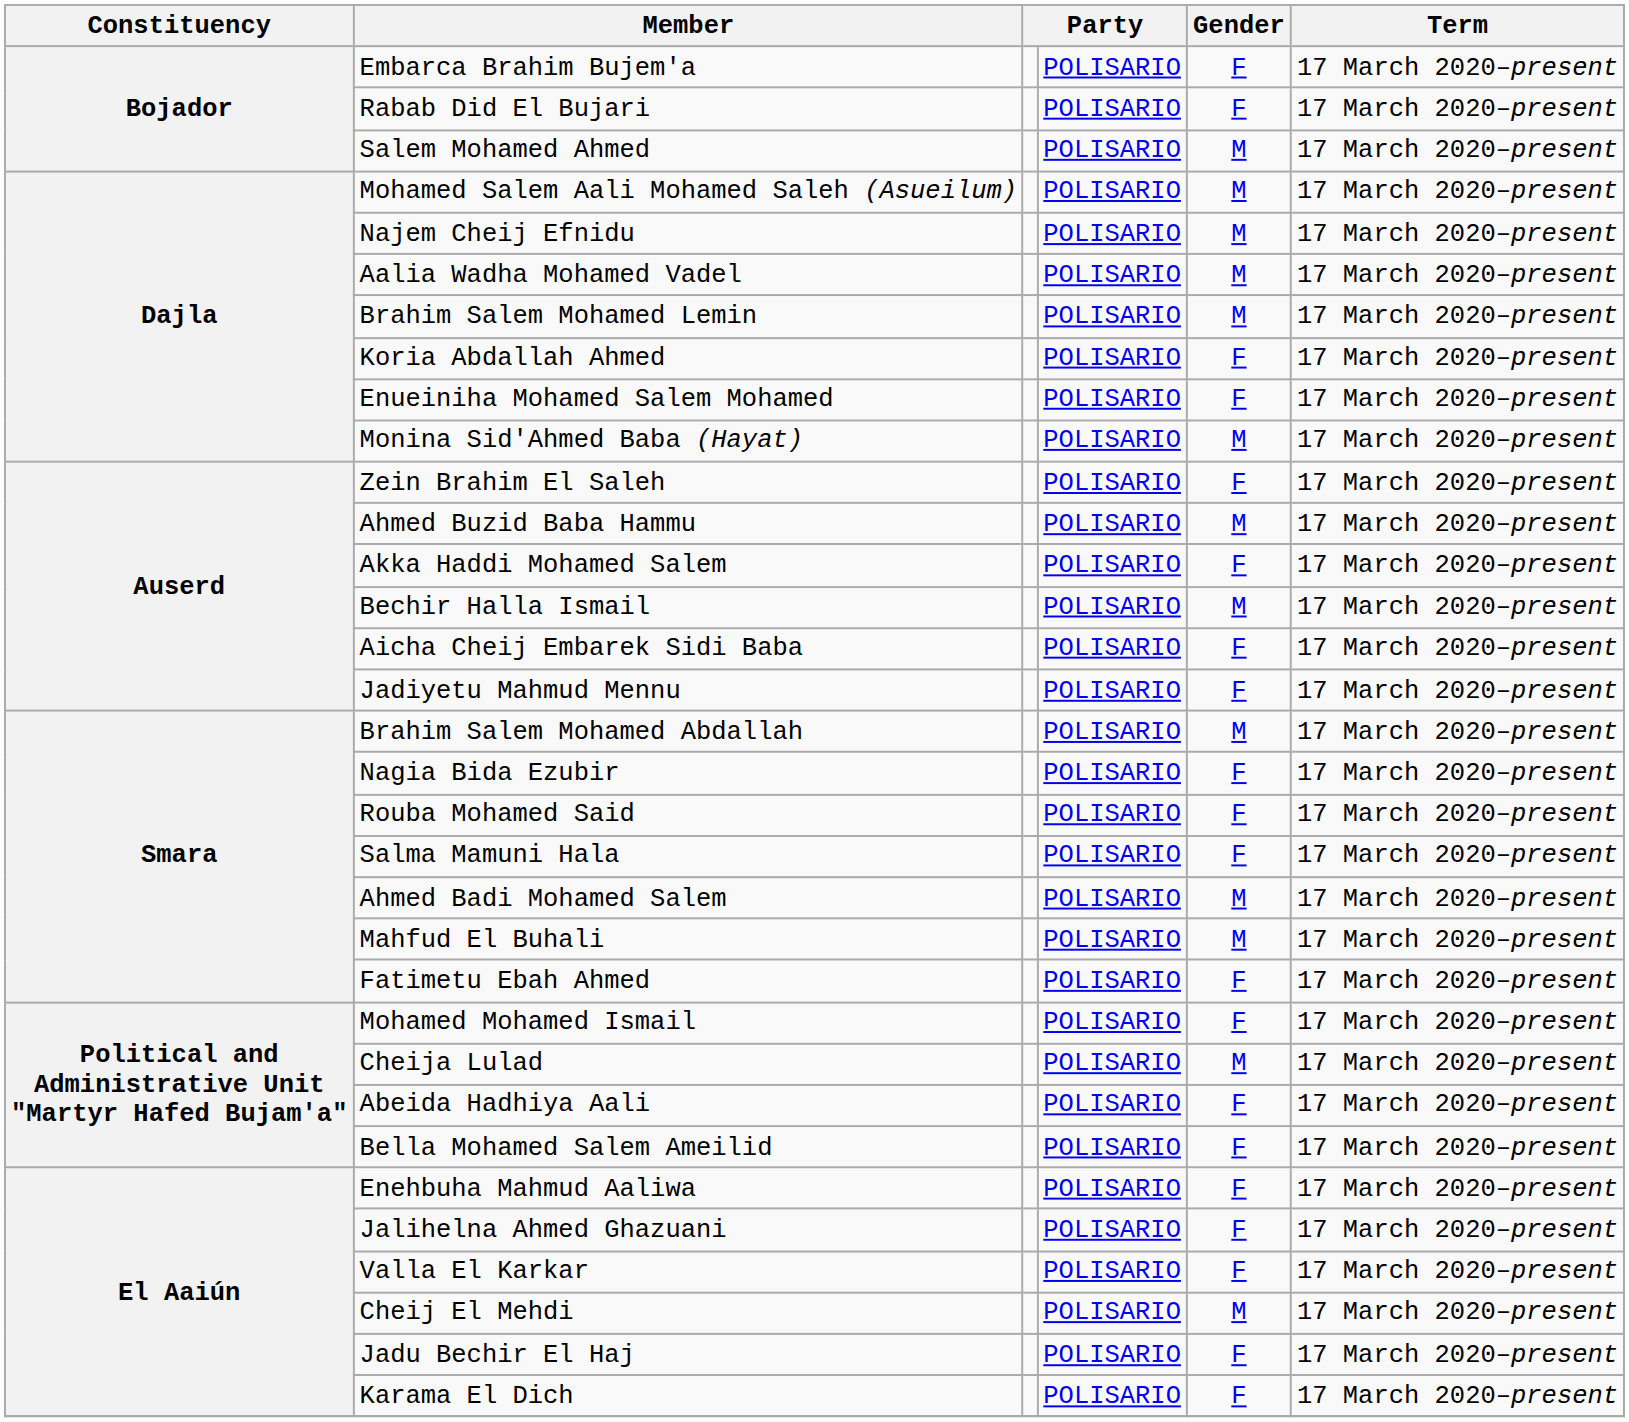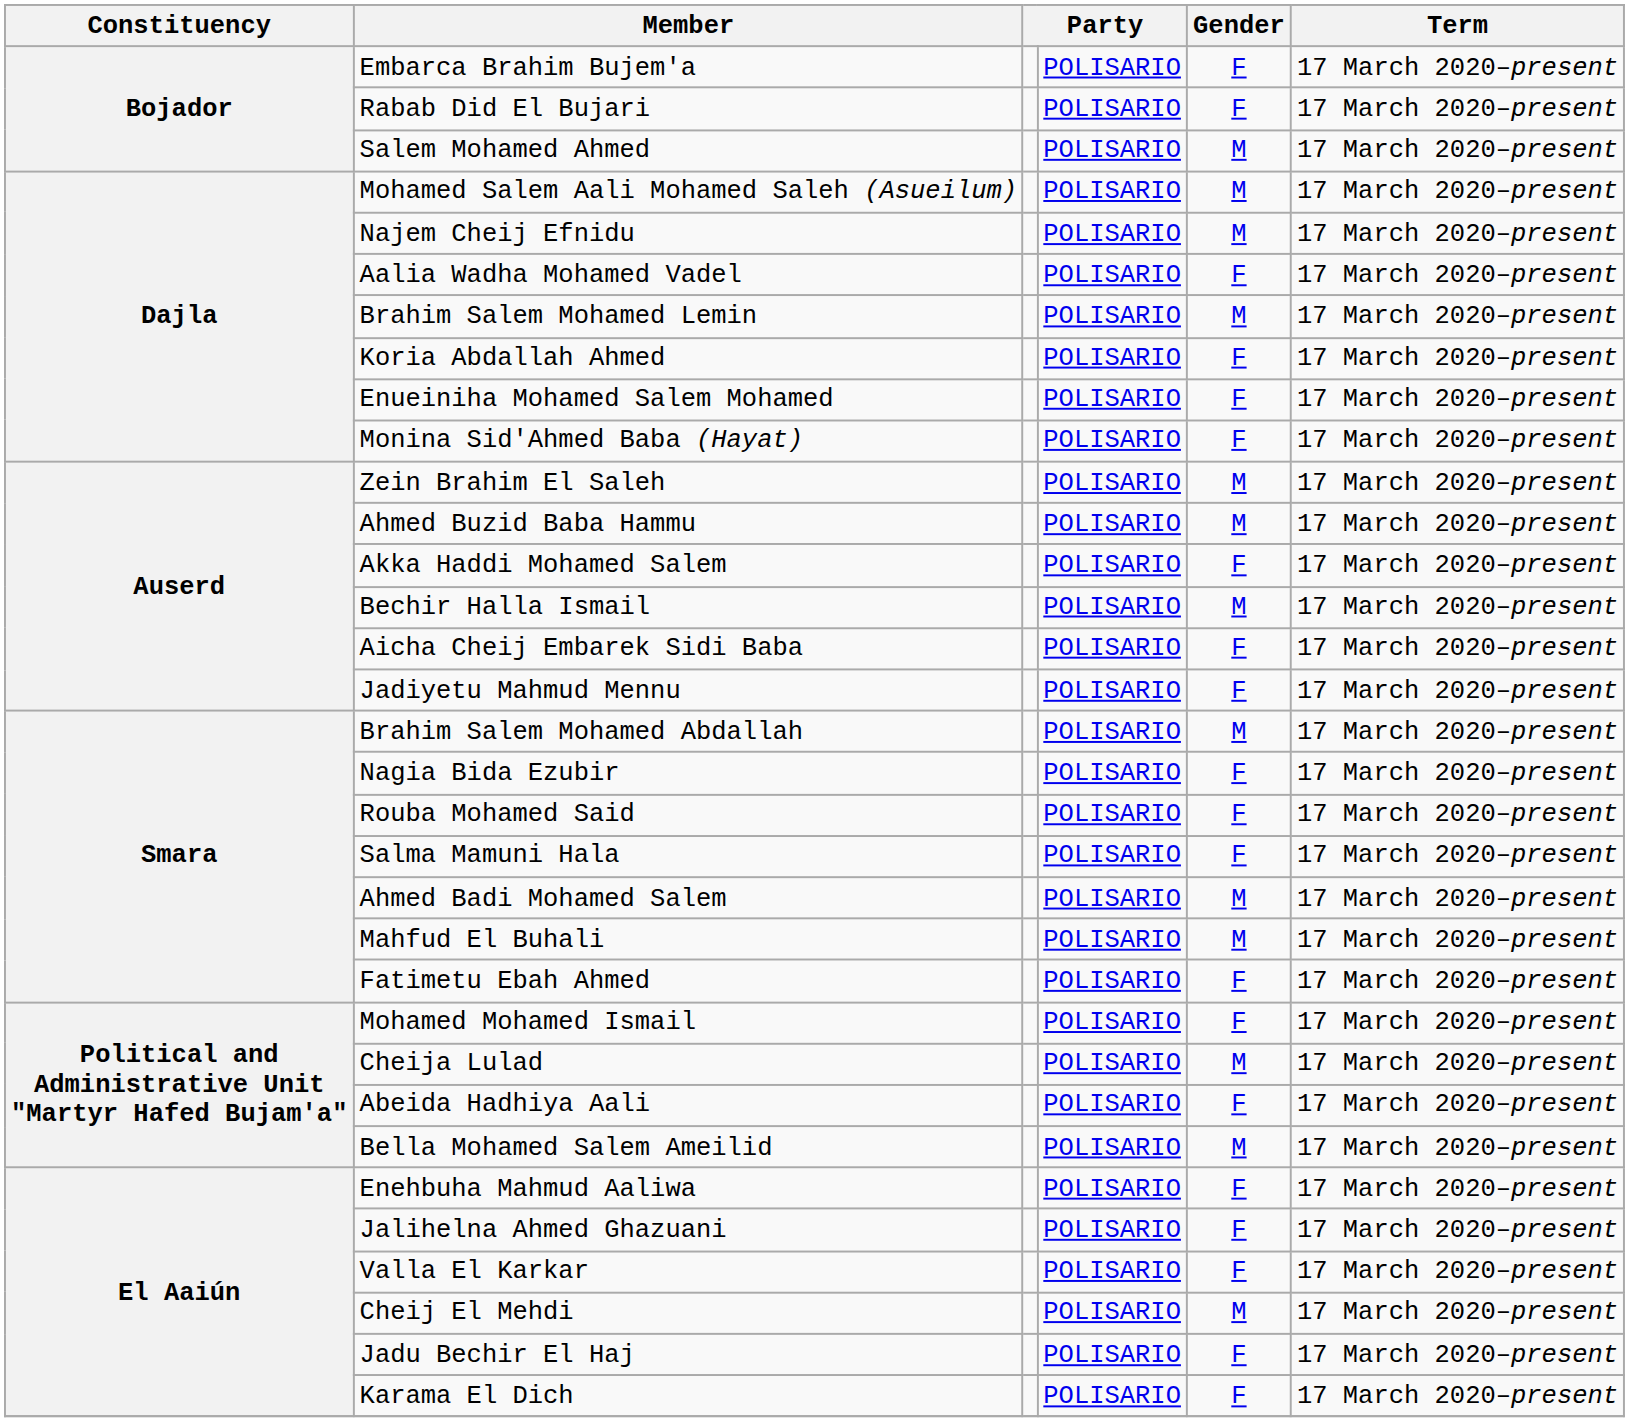 <table class="wikitable">
 <tr valign=bottom>
 <th>Constituency</th>
 <th>Member</th>
 <th colspan="2">Party</th>
 <th>Gender</th>
 <th>Term</th>
 </tr>
 <tr>
 <th rowspan="3">Bojador</th>
 <td>Embarca Brahim Bujem'a</td>
 <td width="1"></td>
 <td><a href='#'>POLISARIO</a></td>
 <td align="center"><a href='#'>F</a></td>
 <td>17 March 2020–<em>present</em></td>
 </tr>
 <tr>
 <td>Rabab Did El Bujari</td>
 <td width="1"></td>
 <td><a href='#'>POLISARIO</a></td>
 <td align="center"><a href='#'>F</a></td>
 <td>17 March 2020–<em>present</em></td>
 </tr>
 <tr>
 <td>Salem Mohamed Ahmed</td>
 <td width="1"></td>
 <td><a href='#'>POLISARIO</a></td>
 <td align="center"><a href='#'>M</a></td>
 <td>17 March 2020–<em>present</em></td>
 </tr>
 <tr>
 <th rowspan="7">Dajla</th>
 <td>Mohamed Salem Aali Mohamed Saleh <em>(Asueilum)</em></td>
 <td width="1"></td>
 <td><a href='#'>POLISARIO</a></td>
 <td align="center"><a href='#'>M</a></td>
 <td>17 March 2020–<em>present</em></td>
 </tr>
 <tr>
 <td>Najem Cheij Efnidu</td>
 <td width="1"></td>
 <td><a href='#'>POLISARIO</a></td>
 <td align="center"><a href='#'>M</a></td>
 <td>17 March 2020–<em>present</em></td>
 </tr>
 <tr>
 <td>Aalia Wadha Mohamed Vadel</td>
 <td width="1"></td>
 <td><a href='#'>POLISARIO</a></td>
-<td align="center"><a href='#'>M</a></td>
+<td align="center"><a href='#'>F</a></td>
 <td>17 March 2020–<em>present</em></td>
 </tr>
 <tr>
 <td>Brahim Salem Mohamed Lemin</td>
 <td width="1"></td>
 <td><a href='#'>POLISARIO</a></td>
 <td align="center"><a href='#'>M</a></td>
 <td>17 March 2020–<em>present</em></td>
 </tr>
 <tr>
 <td>Koria Abdallah Ahmed</td>
 <td width="1"></td>
 <td><a href='#'>POLISARIO</a></td>
 <td align="center"><a href='#'>F</a></td>
 <td>17 March 2020–<em>present</em></td>
 </tr>
 <tr>
 <td>Enueiniha Mohamed Salem Mohamed</td>
 <td width="1"></td>
 <td><a href='#'>POLISARIO</a></td>
 <td align="center"><a href='#'>F</a></td>
 <td>17 March 2020–<em>present</em></td>
 </tr>
 <tr>
 <td>Monina Sid'Ahmed Baba <em>(Hayat)</em></td>
 <td width="1"></td>
 <td><a href='#'>POLISARIO</a></td>
-<td align="center"><a href='#'>M</a></td>
+<td align="center"><a href='#'>F</a></td>
 <td>17 March 2020–<em>present</em></td>
 </tr>
 <tr>
 <th rowspan="6">Auserd</th>
 <td>Zein Brahim El Saleh</td>
 <td width="1"></td>
 <td><a href='#'>POLISARIO</a></td>
-<td align="center"><a href='#'>F</a></td>
+<td align="center"><a href='#'>M</a></td>
 <td>17 March 2020–<em>present</em></td>
 </tr>
 <tr>
 <td>Ahmed Buzid Baba Hammu</td>
 <td width="1"></td>
 <td><a href='#'>POLISARIO</a></td>
 <td align="center"><a href='#'>M</a></td>
 <td>17 March 2020–<em>present</em></td>
 </tr>
 <tr>
 <td>Akka Haddi Mohamed Salem</td>
 <td width="1"></td>
 <td><a href='#'>POLISARIO</a></td>
 <td align="center"><a href='#'>F</a></td>
 <td>17 March 2020–<em>present</em></td>
 </tr>
 <tr>
 <td>Bechir Halla Ismail</td>
 <td width="1"></td>
 <td><a href='#'>POLISARIO</a></td>
 <td align="center"><a href='#'>M</a></td>
 <td>17 March 2020–<em>present</em></td>
 </tr>
 <tr>
 <td>Aicha Cheij Embarek Sidi Baba</td>
 <td width="1"></td>
 <td><a href='#'>POLISARIO</a></td>
 <td align="center"><a href='#'>F</a></td>
 <td>17 March 2020–<em>present</em></td>
 </tr>
 <tr>
 <td>Jadiyetu Mahmud Mennu</td>
 <td width="1"></td>
 <td><a href='#'>POLISARIO</a></td>
 <td align="center"><a href='#'>F</a></td>
 <td>17 March 2020–<em>present</em></td>
 </tr>
 <tr>
 <th rowspan="7">Smara</th>
 <td>Brahim Salem Mohamed Abdallah</td>
 <td width="1"></td>
 <td><a href='#'>POLISARIO</a></td>
 <td align="center"><a href='#'>M</a></td>
 <td>17 March 2020–<em>present</em></td>
 </tr>
 <tr>
 <td>Nagia Bida Ezubir</td>
 <td width="1"></td>
 <td><a href='#'>POLISARIO</a></td>
 <td align="center"><a href='#'>F</a></td>
 <td>17 March 2020–<em>present</em></td>
 </tr>
 <tr>
 <td>Rouba Mohamed Said</td>
 <td width="1"></td>
 <td><a href='#'>POLISARIO</a></td>
 <td align="center"><a href='#'>F</a></td>
 <td>17 March 2020–<em>present</em></td>
 </tr>
 <tr>
 <td>Salma Mamuni Hala</td>
 <td width="1"></td>
 <td><a href='#'>POLISARIO</a></td>
 <td align="center"><a href='#'>F</a></td>
 <td>17 March 2020–<em>present</em></td>
 </tr>
 <tr>
 <td>Ahmed Badi Mohamed Salem</td>
 <td width="1"></td>
 <td><a href='#'>POLISARIO</a></td>
 <td align="center"><a href='#'>M</a></td>
 <td>17 March 2020–<em>present</em></td>
 </tr>
 <tr>
 <td>Mahfud El Buhali</td>
 <td width="1"></td>
 <td><a href='#'>POLISARIO</a></td>
 <td align="center"><a href='#'>M</a></td>
 <td>17 March 2020–<em>present</em></td>
 </tr>
 <tr>
 <td>Fatimetu Ebah Ahmed</td>
 <td width="1"></td>
 <td><a href='#'>POLISARIO</a></td>
 <td align="center"><a href='#'>F</a></td>
 <td>17 March 2020–<em>present</em></td>
 </tr>
 <tr>
 <th rowspan="4">Political and<br>Administrative Unit<br>"Martyr Hafed Bujam'a"</th>
 <td>Mohamed Mohamed Ismail</td>
 <td width="1"></td>
 <td><a href='#'>POLISARIO</a></td>
 <td align="center"><a href='#'>F</a></td>
 <td>17 March 2020–<em>present</em></td>
 </tr>
 <tr>
 <td>Cheija Lulad</td>
 <td width="1"></td>
 <td><a href='#'>POLISARIO</a></td>
 <td align="center"><a href='#'>M</a></td>
 <td>17 March 2020–<em>present</em></td>
 </tr>
 <tr>
 <td>Abeida Hadhiya Aali</td>
 <td width="1"></td>
 <td><a href='#'>POLISARIO</a></td>
 <td align="center"><a href='#'>F</a></td>
 <td>17 March 2020–<em>present</em></td>
 </tr>
 <tr>
 <td>Bella Mohamed Salem Ameilid</td>
 <td width="1"></td>
 <td><a href='#'>POLISARIO</a></td>
-<td align="center"><a href='#'>F</a></td>
+<td align="center"><a href='#'>M</a></td>
 <td>17 March 2020–<em>present</em></td>
 </tr>
 <tr>
 <th rowspan="6">El Aaiún</th>
 <td>Enehbuha Mahmud Aaliwa</td>
 <td width="1"></td>
 <td><a href='#'>POLISARIO</a></td>
 <td align="center"><a href='#'>F</a></td>
 <td>17 March 2020–<em>present</em></td>
 </tr>
 <tr>
 <td>Jalihelna Ahmed Ghazuani</td>
 <td width="1"></td>
 <td><a href='#'>POLISARIO</a></td>
 <td align="center"><a href='#'>F</a></td>
 <td>17 March 2020–<em>present</em></td>
 </tr>
 <tr>
 <td>Valla El Karkar</td>
 <td width="1"></td>
 <td><a href='#'>POLISARIO</a></td>
 <td align="center"><a href='#'>F</a></td>
 <td>17 March 2020–<em>present</em></td>
 </tr>
 <tr>
 <td>Cheij El Mehdi</td>
 <td width="1"></td>
 <td><a href='#'>POLISARIO</a></td>
 <td align="center"><a href='#'>M</a></td>
 <td>17 March 2020–<em>present</em></td>
 </tr>
 <tr>
 <td>Jadu Bechir El Haj</td>
 <td width="1"></td>
 <td><a href='#'>POLISARIO</a></td>
 <td align="center"><a href='#'>F</a></td>
 <td>17 March 2020–<em>present</em></td>
 </tr>
 <tr>
 <td>Karama El Dich</td>
 <td width="1"></td>
 <td><a href='#'>POLISARIO</a></td>
 <td align="center"><a href='#'>F</a></td>
 <td>17 March 2020–<em>present</em></td>
 </tr>
 <tr>
 </tr>
 </table>
